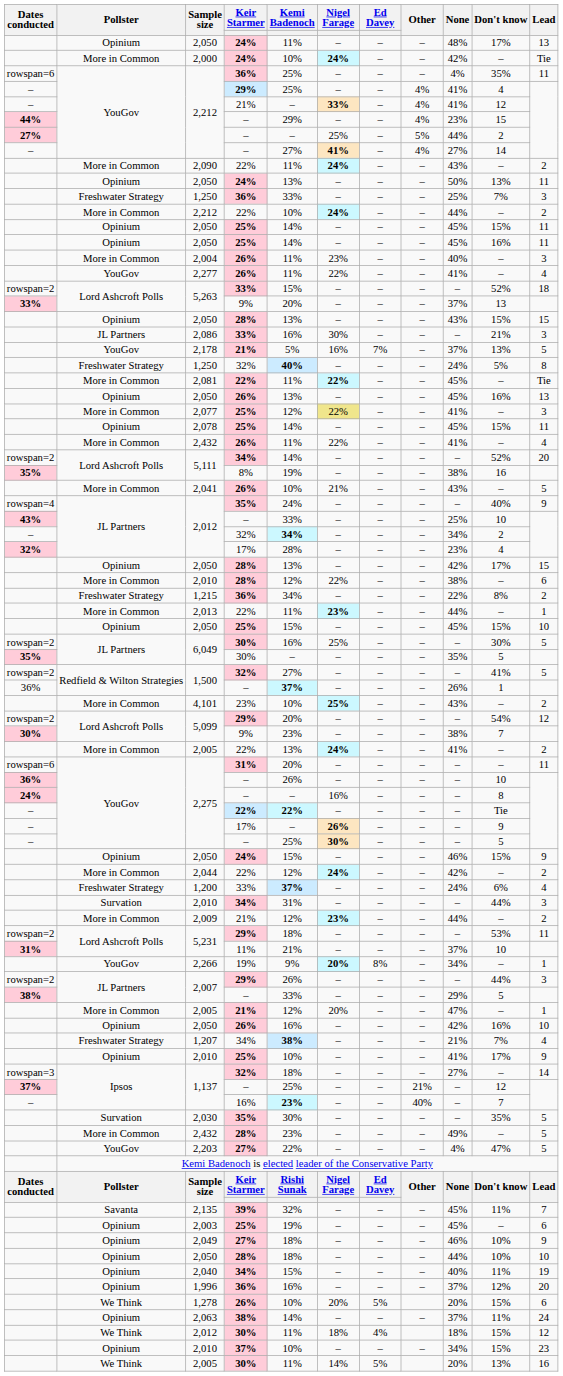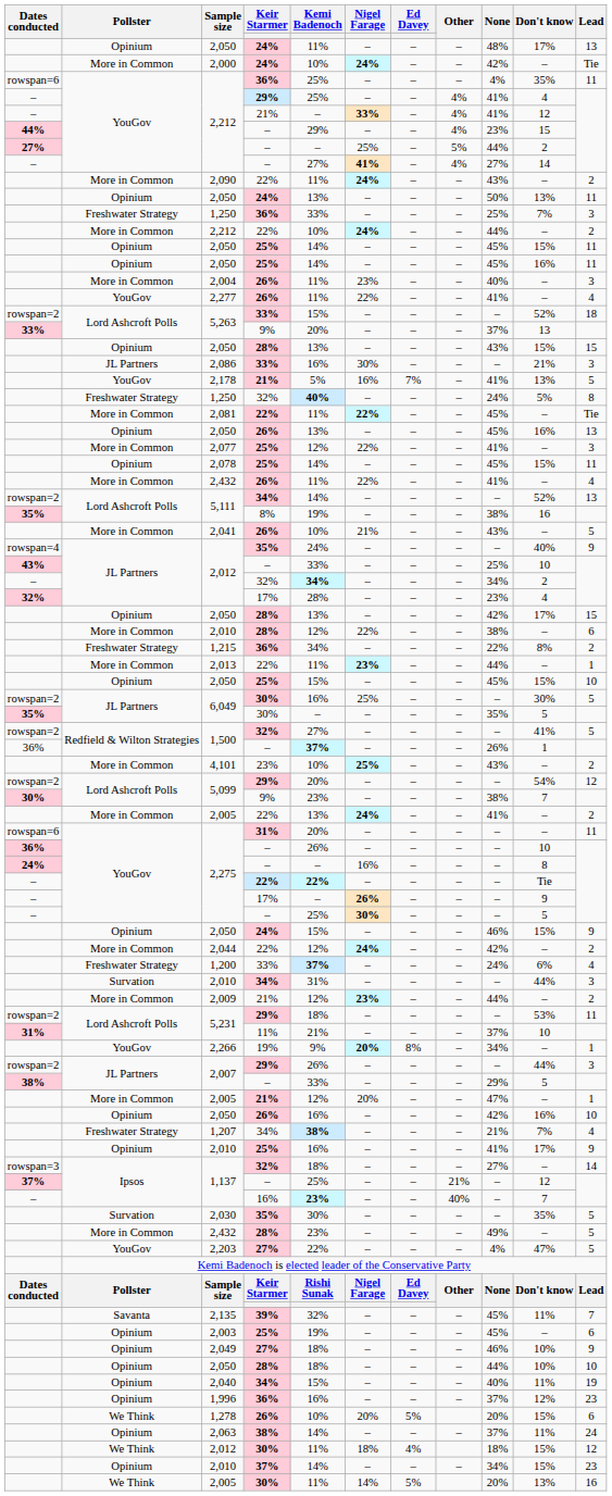 <table class="wikitable mw-datatable" style="text-align:center; font-size:90%; line-height:14px;">
 <tr>
 <th rowspan="2">Dates<br>conducted</th>
 <th rowspan="2">Pollster</th>
 <th rowspan="2" data-sort-type="number">Sample<br>size</th>
 <th class="unsortable" style="width:50px;"><a href='#'>Keir Starmer</a></th>
 <th class="unsortable" style="width:50px;"><a href='#'>Kemi Badenoch</a></th>
 <th class="unsortable" style="width:50px;"><a href='#'>Nigel Farage</a></th>
 <th class="unsortable" style="width:50px;"><a href='#'>Ed Davey</a></th>
 <th rowspan="2" class="unsortable" style="width:50px;">Other</th>
 <th rowspan="2" data-sort-type="number">None</th>
 <th rowspan="2">Don't know</th>
 <th rowspan="2" data-sort-type="number">Lead</th>
 </tr>
 <tr>
 <th data-sort-type="number" style="background:"></th>
 <th data-sort-type="number" style="background:"></th>
 <th data-sort-type="number" style="background:"></th>
 <th data-sort-type="number" style="background:"></th>
 </tr>
 <tr>
 <td></td>
 <td>Opinium</td>
 <td>2,050</td>
 <td style="background:#ffccd9; color: black;"><strong>24%</strong></td>
 <td>11%</td>
 <td>–</td>
 <td>–</td>
 <td>–</td>
 <td>48%</td>
 <td>17%</td>
 <td style="background:">13</td>
 </tr>
 <tr>
 <td></td>
 <td>More in Common</td>
 <td>2,000</td>
 <td style="background:#ffccd9; color: black;"><strong>24%</strong></td>
 <td>10%</td>
 <td style="background:#ccf8ff; color:black;"><strong>24%</strong></td>
 <td>–</td>
 <td>–</td>
 <td>42%</td>
 <td>–</td>
 <td>Tie</td>
 </tr>
 <tr>
 <td>rowspan=6 </td>
 <td rowspan=6>YouGov</td>
 <td rowspan=6>2,212</td>
 <td style="background:#ffccd9; color: black;"><strong>36%</strong></td>
 <td>25%</td>
 <td>–</td>
 <td>–</td>
 <td>–</td>
 <td>4%</td>
 <td>35%</td>
 <td style="background:">11</td>
 </tr>
 <tr>
 <td>–</td>
 <td style="background:#CCEBFF; color: black;"><strong>29%</strong></td>
 <td>25%</td>
 <td>–</td>
 <td>–</td>
 <td>4%</td>
 <td>41%</td>
 <td style="background:">4</td>
 </tr>
 <tr>
 <td>–</td>
 <td>21%</td>
 <td>–</td>
 <td style="background:#FDE6C1;"><strong>33%</strong></td>
 <td>–</td>
 <td>4%</td>
 <td>41%</td>
 <td style="background:">12</td>
 </tr>
 <tr>
 <td style="background:#ffccd9; color: black;"><strong>44%</strong></td>
 <td>–</td>
 <td>29%</td>
 <td>–</td>
 <td>–</td>
 <td>4%</td>
 <td>23%</td>
 <td style="background:">15</td>
 </tr>
 <tr>
 <td style="background:#ffccd9; color: black;"><strong>27%</strong></td>
 <td>–</td>
 <td>–</td>
 <td>25%</td>
 <td>–</td>
 <td>5%</td>
 <td>44%</td>
 <td style="background:">2</td>
 </tr>
 <tr>
 <td>–</td>
 <td>–</td>
 <td>27%</td>
 <td style="background:#FDE6C1;"><strong>41%</strong></td>
 <td>–</td>
 <td>4%</td>
 <td>27%</td>
 <td style="background:">14</td>
 </tr>
 <tr>
 <td></td>
 <td>More in Common</td>
 <td>2,090</td>
 <td>22%</td>
 <td>11%</td>
 <td style="background:#ccf8ff; color:black;"><strong>24%</strong></td>
 <td>–</td>
 <td>–</td>
 <td>43%</td>
 <td>–</td>
 <td style="background:">2</td>
 </tr>
 <tr>
 <td></td>
 <td>Opinium</td>
 <td>2,050</td>
 <td style="background:#ffccd9; color: black;"><strong>24%</strong></td>
 <td>13%</td>
 <td>–</td>
 <td>–</td>
 <td>–</td>
 <td>50%</td>
 <td>13%</td>
 <td style="background:">11</td>
 </tr>
 <tr>
 <td></td>
 <td>Freshwater Strategy</td>
 <td>1,250</td>
 <td style="background:#ffccd9; color: black;"><strong>36%</strong></td>
 <td>33%</td>
 <td>–</td>
 <td>–</td>
 <td>–</td>
 <td>25%</td>
 <td>7%</td>
 <td style="background:">3</td>
 </tr>
 <tr>
 <td></td>
 <td>More in Common</td>
 <td>2,212</td>
 <td>22%</td>
 <td>10%</td>
 <td style="background:#ccf8ff; color:black;"><strong>24%</strong></td>
 <td>–</td>
 <td>–</td>
 <td>44%</td>
 <td>–</td>
 <td style="background:">2</td>
 </tr>
 <tr>
 <td></td>
 <td>Opinium</td>
 <td>2,050</td>
 <td style="background:#ffccd9; color: black;"><strong>25%</strong></td>
 <td>14%</td>
 <td>–</td>
 <td>–</td>
 <td>–</td>
 <td>45%</td>
 <td>15%</td>
 <td style="background:">11</td>
 </tr>
 <tr>
 <td></td>
 <td>Opinium</td>
 <td>2,050</td>
 <td style="background:#ffccd9; color: black;"><strong>25%</strong></td>
 <td>14%</td>
 <td>–</td>
 <td>–</td>
 <td>–</td>
 <td>45%</td>
 <td>16%</td>
 <td style="background:">11</td>
 </tr>
 <tr>
 <td></td>
 <td>More in Common</td>
 <td>2,004</td>
 <td style="background:#ffccd9; color: black;"><strong>26%</strong></td>
 <td>11%</td>
 <td>23%</td>
 <td>–</td>
 <td>–</td>
 <td>40%</td>
 <td>–</td>
 <td style="background:">3</td>
 </tr>
 <tr>
 <td></td>
 <td>YouGov</td>
 <td>2,277</td>
 <td style="background:#ffccd9; color: black;"><strong>26%</strong></td>
 <td>11%</td>
 <td>22%</td>
 <td>–</td>
 <td>–</td>
 <td>41%</td>
 <td>–</td>
 <td style="background:">4</td>
 </tr>
 <tr>
 <td>rowspan=2 </td>
 <td rowspan=2>Lord Ashcroft Polls</td>
 <td rowspan=2>5,263</td>
 <td style="background:#ffccd9; color: black;"><strong>33%</strong></td>
 <td>15%</td>
 <td>–</td>
 <td>–</td>
 <td>–</td>
 <td>–</td>
 <td>52%</td>
 <td style="background:">18</td>
 </tr>
 <tr>
 <td style="background:#ffccd9; color: black;"><strong>33%</strong></td>
 <td>9%</td>
 <td>20%</td>
 <td>–</td>
 <td>–</td>
 <td>–</td>
 <td>37%</td>
 <td style="background:">13</td>
 </tr>
 <tr>
 <td></td>
 <td>Opinium</td>
 <td>2,050</td>
 <td style="background:#ffccd9; color: black;"><strong>28%</strong></td>
 <td>13%</td>
 <td>–</td>
 <td>–</td>
 <td>–</td>
 <td>43%</td>
 <td>15%</td>
 <td style="background:">15</td>
 </tr>
 <tr>
 <td></td>
 <td>JL Partners</td>
 <td>2,086</td>
 <td style="background:#ffccd9; color: black;"><strong>33%</strong></td>
 <td>16%</td>
 <td>30%</td>
 <td>–</td>
 <td>–</td>
 <td>–</td>
 <td>21%</td>
 <td style="background:">3</td>
 </tr>
 <tr>
 <td></td>
 <td>YouGov</td>
 <td>2,178</td>
 <td style="background:#ffccd9; color: black;"><strong>21%</strong></td>
 <td>5%</td>
 <td>16%</td>
 <td>7%</td>
 <td>–</td>
-<td>37%</td>
+<td>41%</td>
 <td>13%</td>
 <td style="background:">5</td>
 </tr>
 <tr>
 <td></td>
 <td>Freshwater Strategy</td>
 <td>1,250</td>
 <td>32%</td>
 <td style="background:#CCEBFF; color: black;"><strong>40%</strong></td>
 <td>–</td>
 <td>–</td>
 <td>–</td>
 <td>24%</td>
 <td>5%</td>
 <td style="background:">8</td>
 </tr>
 <tr>
 <td></td>
 <td>More in Common</td>
 <td>2,081</td>
 <td style="background:#ffccd9; color: black;"><strong>22%</strong></td>
 <td>11%</td>
 <td style="background:#ccf8ff; color:black;"><strong>22%</strong></td>
 <td>–</td>
 <td>–</td>
 <td>45%</td>
 <td>–</td>
 <td>Tie</td>
 </tr>
 <tr>
 <td></td>
 <td>Opinium</td>
 <td>2,050</td>
 <td style="background:#ffccd9; color: black;"><strong>26%</strong></td>
 <td>13%</td>
 <td>–</td>
 <td>–</td>
 <td>–</td>
 <td>45%</td>
 <td>16%</td>
 <td style="background:">13</td>
 </tr>
 <tr>
 <td></td>
 <td>More in Common</td>
 <td>2,077</td>
 <td style="background:#ffccd9; color: black;"><strong>25%</strong></td>
 <td>12%</td>
-<td style="background: khaki;">22%</td>
+<td>22%</td>
 <td>–</td>
 <td>–</td>
 <td>41%</td>
 <td>–</td>
 <td style="background:">3</td>
 </tr>
 <tr>
 <td></td>
 <td>Opinium</td>
 <td>2,078</td>
 <td style="background:#ffccd9; color: black;"><strong>25%</strong></td>
 <td>14%</td>
 <td>–</td>
 <td>–</td>
 <td>–</td>
 <td>45%</td>
 <td>15%</td>
 <td style="background:">11</td>
 </tr>
 <tr>
 <td></td>
 <td>More in Common</td>
 <td>2,432</td>
 <td style="background:#ffccd9; color: black;"><strong>26%</strong></td>
 <td>11%</td>
 <td>22%</td>
 <td>–</td>
 <td>–</td>
 <td>41%</td>
 <td>–</td>
 <td style="background:">4</td>
 </tr>
 <tr>
 <td>rowspan=2 </td>
 <td rowspan=2>Lord Ashcroft Polls</td>
 <td rowspan=2>5,111</td>
 <td style="background:#ffccd9; color: black;"><strong>34%</strong></td>
 <td>14%</td>
 <td>–</td>
 <td>–</td>
 <td>–</td>
 <td>–</td>
 <td>52%</td>
-<td style="background:">20</td>
+<td style="background:">13</td>
 </tr>
 <tr>
 <td style="background:#ffccd9; color: black;"><strong>35%</strong></td>
 <td>8%</td>
 <td>19%</td>
 <td>–</td>
 <td>–</td>
 <td>–</td>
 <td>38%</td>
 <td style="background:">16</td>
 </tr>
 <tr>
 <td></td>
 <td>More in Common</td>
 <td>2,041</td>
 <td style="background:#ffccd9; color: black;"><strong>26%</strong></td>
 <td>10%</td>
 <td>21%</td>
 <td>–</td>
 <td>–</td>
 <td>43%</td>
 <td>–</td>
 <td style="background:">5</td>
 </tr>
 <tr>
 <td>rowspan=4 </td>
 <td rowspan=4>JL Partners</td>
 <td rowspan=4>2,012</td>
 <td style="background:#ffccd9; color: black;"><strong>35%</strong></td>
 <td>24%</td>
 <td>–</td>
 <td>–</td>
 <td>–</td>
 <td>–</td>
 <td>40%</td>
 <td style="background:">9</td>
 </tr>
 <tr>
 <td style="background:#ffccd9; color: black;"><strong>43%</strong></td>
 <td>–</td>
 <td>33%</td>
 <td>–</td>
 <td>–</td>
 <td>–</td>
 <td>25%</td>
 <td style="background:">10</td>
 </tr>
 <tr>
 <td>–</td>
 <td>32%</td>
 <td style="background:#ccf8ff; color:black;"><strong>34%</strong></td>
 <td>–</td>
 <td>–</td>
 <td>–</td>
 <td>34%</td>
 <td style="background:">2</td>
 </tr>
 <tr>
 <td style="background:#ffccd9; color: black;"><strong>32%</strong></td>
 <td>17%</td>
 <td>28%</td>
 <td>–</td>
 <td>–</td>
 <td>–</td>
 <td>23%</td>
 <td style="background:">4</td>
 </tr>
 <tr>
 <td></td>
 <td>Opinium</td>
 <td>2,050</td>
 <td style="background:#ffccd9; color: black;"><strong>28%</strong></td>
 <td>13%</td>
 <td>–</td>
 <td>–</td>
 <td>–</td>
 <td>42%</td>
 <td>17%</td>
 <td style="background:">15</td>
 </tr>
 <tr>
 <td></td>
 <td>More in Common</td>
 <td>2,010</td>
 <td style="background:#ffccd9; color: black;"><strong>28%</strong></td>
 <td>12%</td>
 <td>22%</td>
 <td>–</td>
 <td>–</td>
 <td>38%</td>
 <td>–</td>
 <td style="background:">6</td>
 </tr>
 <tr>
 <td></td>
 <td>Freshwater Strategy</td>
 <td>1,215</td>
 <td style="background:#ffccd9; color: black;"><strong>36%</strong></td>
 <td>34%</td>
 <td>–</td>
 <td>–</td>
 <td>–</td>
 <td>22%</td>
 <td>8%</td>
 <td style="background:">2</td>
 </tr>
 <tr>
 <td></td>
 <td>More in Common</td>
 <td>2,013</td>
 <td>22%</td>
 <td>11%</td>
 <td style="background:#ccf8ff; color:black;"><strong>23%</strong></td>
 <td>–</td>
 <td>–</td>
 <td>44%</td>
 <td>–</td>
 <td style="background:">1</td>
 </tr>
 <tr>
 <td></td>
 <td>Opinium</td>
 <td>2,050</td>
 <td style="background:#ffccd9; color: black;"><strong>25%</strong></td>
 <td>15%</td>
 <td>–</td>
 <td>–</td>
 <td>–</td>
 <td>45%</td>
 <td>15%</td>
 <td style="background:">10</td>
 </tr>
 <tr>
 <td>rowspan=2 </td>
 <td rowspan=2>JL Partners</td>
 <td rowspan=2>6,049</td>
 <td style="background:#ffccd9; color: black;"><strong>30%</strong></td>
 <td>16%</td>
 <td>25%</td>
 <td>–</td>
 <td>–</td>
 <td>–</td>
 <td>30%</td>
 <td style="background:">5</td>
 </tr>
 <tr>
 <td style="background:#ffccd9; color: black;"><strong>35%</strong></td>
 <td>30%</td>
 <td>–</td>
 <td>–</td>
 <td>–</td>
 <td>–</td>
 <td>35%</td>
 <td style="background:">5</td>
 </tr>
 <tr>
 <td>rowspan=2 </td>
 <td rowspan=2>Redfield & Wilton Strategies</td>
 <td rowspan=2>1,500</td>
 <td style="background:#ffccd9; color: black;"><strong>32%</strong></td>
 <td>27%</td>
 <td>–</td>
 <td>–</td>
 <td>–</td>
 <td>–</td>
 <td>41%</td>
 <td style="background:">5</td>
 </tr>
 <tr>
 <td>36%</td>
 <td>–</td>
 <td style="background:#ccf8ff; color:black;"><strong>37%</strong></td>
 <td>–</td>
 <td>–</td>
 <td>–</td>
 <td>26%</td>
 <td style="background:">1</td>
 </tr>
 <tr>
 <td></td>
 <td>More in Common</td>
 <td>4,101</td>
 <td>23%</td>
 <td>10%</td>
 <td style="background:#ccf8ff; color:black;"><strong>25%</strong></td>
 <td>–</td>
 <td>–</td>
 <td>43%</td>
 <td>–</td>
 <td style="background:">2</td>
 </tr>
 <tr>
 <td>rowspan=2 </td>
 <td rowspan=2>Lord Ashcroft Polls</td>
 <td rowspan=2>5,099</td>
 <td style="background:#ffccd9; color: black;"><strong>29%</strong></td>
 <td>20%</td>
 <td>–</td>
 <td>–</td>
 <td>–</td>
 <td>–</td>
 <td>54%</td>
 <td style="background:">12</td>
 </tr>
 <tr>
 <td style="background:#ffccd9; color: black;"><strong>30%</strong></td>
 <td>9%</td>
 <td>23%</td>
 <td>–</td>
 <td>–</td>
 <td>–</td>
 <td>38%</td>
 <td style="background:">7</td>
 </tr>
 <tr>
 <td></td>
 <td>More in Common</td>
 <td>2,005</td>
 <td>22%</td>
 <td>13%</td>
 <td style="background:#ccf8ff; color:black;"><strong>24%</strong></td>
 <td>–</td>
 <td>–</td>
 <td>41%</td>
 <td>–</td>
 <td style="background:">2</td>
 </tr>
 <tr>
 <td>rowspan=6 </td>
 <td rowspan=6>YouGov</td>
 <td rowspan=6>2,275</td>
 <td style="background:#ffccd9; color: black;"><strong>31%</strong></td>
 <td>20%</td>
 <td>–</td>
 <td>–</td>
 <td>–</td>
 <td>–</td>
 <td>–</td>
 <td style="background:">11</td>
 </tr>
 <tr>
 <td style="background:#ffccd9; color: black;"><strong>36%</strong></td>
 <td>–</td>
 <td>26%</td>
 <td>–</td>
 <td>–</td>
 <td>–</td>
 <td>–</td>
 <td style="background:">10</td>
 </tr>
 <tr>
 <td style="background:#ffccd9; color: black;"><strong>24%</strong></td>
 <td>–</td>
 <td>–</td>
 <td>16%</td>
 <td>–</td>
 <td>–</td>
 <td>–</td>
 <td style="background:">8</td>
 </tr>
 <tr>
 <td>–</td>
 <td style="background:#CCEBFF; color: black;"><strong>22%</strong></td>
 <td style="background:#ccf8ff; color:black;"><strong>22%</strong></td>
 <td>–</td>
 <td>–</td>
 <td>–</td>
 <td>–</td>
 <td>Tie</td>
 </tr>
 <tr>
 <td>–</td>
 <td>17%</td>
 <td>–</td>
 <td style="background:#FDE6C1;"><strong>26%</strong></td>
 <td>–</td>
 <td>–</td>
 <td>–</td>
 <td style="background:">9</td>
 </tr>
 <tr>
 <td>–</td>
 <td>–</td>
 <td>25%</td>
 <td style="background:#FDE6C1;"><strong>30%</strong></td>
 <td>–</td>
 <td>–</td>
 <td>–</td>
 <td style="background:">5</td>
 </tr>
 <tr>
 <td></td>
 <td>Opinium</td>
 <td>2,050</td>
 <td style="background:#ffccd9; color: black;"><strong>24%</strong></td>
 <td>15%</td>
 <td>–</td>
 <td>–</td>
 <td>–</td>
 <td>46%</td>
 <td>15%</td>
 <td style="background:">9</td>
 </tr>
 <tr>
 <td></td>
 <td>More in Common</td>
 <td>2,044</td>
 <td>22%</td>
 <td>12%</td>
 <td style="background:#ccf8ff; color:black;"><strong>24%</strong></td>
 <td>–</td>
 <td>–</td>
 <td>42%</td>
 <td>–</td>
 <td style="background:">2</td>
 </tr>
 <tr>
 <td></td>
 <td>Freshwater Strategy</td>
 <td>1,200</td>
 <td>33%</td>
 <td style="background:#CCEBFF; color: black;"><strong>37%</strong></td>
 <td>–</td>
 <td>–</td>
 <td>–</td>
 <td>24%</td>
 <td>6%</td>
 <td style="background:">4</td>
 </tr>
 <tr>
 <td></td>
 <td>Survation</td>
 <td>2,010</td>
 <td style="background:#ffccd9; color: black;"><strong>34%</strong></td>
 <td>31%</td>
 <td>–</td>
 <td>–</td>
 <td>–</td>
 <td>–</td>
 <td>44%</td>
 <td style="background:">3</td>
 </tr>
 <tr>
 <td></td>
 <td>More in Common</td>
 <td>2,009</td>
 <td>21%</td>
 <td>12%</td>
 <td style="background:#ccf8ff; color:black;"><strong>23%</strong></td>
 <td>–</td>
 <td>–</td>
 <td>44%</td>
 <td>–</td>
 <td style="background:">2</td>
 </tr>
 <tr>
 <td>rowspan=2 </td>
 <td rowspan=2>Lord Ashcroft Polls</td>
 <td rowspan=2>5,231</td>
 <td style="background:#ffccd9; color: black;"><strong>29%</strong></td>
 <td>18%</td>
 <td>–</td>
 <td>–</td>
 <td>–</td>
 <td>–</td>
 <td>53%</td>
 <td style="background:">11</td>
 </tr>
 <tr>
 <td style="background:#ffccd9; color: black;"><strong>31%</strong></td>
 <td>11%</td>
 <td>21%</td>
 <td>–</td>
 <td>–</td>
 <td>–</td>
 <td>37%</td>
 <td style="background:">10</td>
 </tr>
 <tr>
 <td></td>
 <td>YouGov</td>
 <td>2,266</td>
 <td>19%</td>
 <td>9%</td>
 <td style="background:#ccf8ff; color:black;"><strong>20%</strong></td>
 <td>8%</td>
 <td>–</td>
 <td>34%</td>
 <td>–</td>
 <td style="background:">1</td>
 </tr>
 <tr>
 <td>rowspan=2 </td>
 <td rowspan=2>JL Partners</td>
 <td rowspan=2>2,007</td>
 <td style="background:#ffccd9; color: black;"><strong>29%</strong></td>
 <td>26%</td>
 <td>–</td>
 <td>–</td>
 <td>–</td>
 <td>–</td>
 <td>44%</td>
 <td style="background:">3</td>
 </tr>
 <tr>
 <td style="background:#ffccd9; color: black;"><strong>38%</strong></td>
 <td>–</td>
 <td>33%</td>
 <td>–</td>
 <td>–</td>
 <td>–</td>
 <td>29%</td>
 <td style="background:">5</td>
 </tr>
 <tr>
 <td></td>
 <td>More in Common</td>
 <td>2,005</td>
 <td style="background:#ffccd9; color:black;"><strong>21%</strong></td>
 <td>12%</td>
 <td>20%</td>
 <td>–</td>
 <td>–</td>
 <td>47%</td>
 <td>–</td>
 <td style="background:">1</td>
 </tr>
 <tr>
 <td></td>
 <td>Opinium</td>
 <td>2,050</td>
 <td style="background:#ffccd9; color:black;"><strong>26%</strong></td>
 <td>16%</td>
 <td>–</td>
 <td>–</td>
 <td>–</td>
 <td>42%</td>
 <td>16%</td>
 <td style="background:">10</td>
 </tr>
 <tr>
 <td></td>
 <td>Freshwater Strategy</td>
 <td>1,207</td>
 <td>34%</td>
 <td style="background:#CCEBFF; color: black;"><strong>38%</strong></td>
 <td>–</td>
 <td>–</td>
 <td>–</td>
 <td>21%</td>
 <td>7%</td>
 <td style="background:">4</td>
 </tr>
 <tr>
 <td></td>
 <td>Opinium</td>
 <td>2,010</td>
 <td style="background:#ffccd9; color:black;"><strong>25%</strong></td>
-<td>10%</td>
+<td>16%</td>
 <td>–</td>
 <td>–</td>
 <td>–</td>
 <td>41%</td>
 <td>17%</td>
 <td style="background:">9</td>
 </tr>
 <tr>
 <td>rowspan=3 </td>
 <td rowspan=3>Ipsos</td>
 <td rowspan=3>1,137</td>
 <td style="background:#ffccd9; color:black;"><strong>32%</strong></td>
 <td>18%</td>
 <td>–</td>
 <td>–</td>
 <td>–</td>
 <td>27%</td>
 <td>–</td>
 <td style="background:">14</td>
 </tr>
 <tr>
 <td style="background:#ffccd9; color:black;"><strong>37%</strong></td>
 <td>–</td>
 <td>25%</td>
 <td>–</td>
 <td>–</td>
 <td>21%</td>
 <td>–</td>
 <td style="background:">12</td>
 </tr>
 <tr>
 <td>–</td>
 <td>16%</td>
 <td style="background:#ccf8ff; color:black;"><strong>23%</strong></td>
 <td>–</td>
 <td>–</td>
 <td>40%</td>
 <td>–</td>
 <td style="background:">7</td>
 </tr>
 <tr>
 <td></td>
 <td>Survation</td>
 <td>2,030</td>
 <td style="background:#ffccd9; color:black;"><strong>35%</strong></td>
 <td>30%</td>
 <td>–</td>
 <td>–</td>
 <td>–</td>
 <td>–</td>
 <td>35%</td>
 <td style="background:">5</td>
 </tr>
 <tr>
 <td></td>
 <td>More in Common</td>
 <td>2,432</td>
 <td style="background:#ffccd9; color:black;"><strong>28%</strong></td>
 <td>23%</td>
 <td>–</td>
 <td>–</td>
 <td>–</td>
 <td>49%</td>
 <td>–</td>
 <td style="background:">5</td>
 </tr>
 <tr>
 <td></td>
 <td>YouGov</td>
 <td>2,203</td>
 <td style="background:#ffccd9; color:black;"><strong>27%</strong></td>
 <td>22%</td>
 <td>–</td>
 <td>–</td>
 <td>–</td>
 <td>4%</td>
 <td>47%</td>
 <td style="background:">5</td>
 </tr>
 <tr>
 <td></td>
 <td colspan="11"><a href='#'>Kemi Badenoch</a> is <a href='#'>elected</a> <a href='#'>leader of the Conservative Party</a></td>
 </tr>
 <tr>
 <th rowspan="2">Dates<br>conducted</th>
 <th rowspan="2">Pollster</th>
 <th rowspan="2" data-sort-type="number">Sample<br>size</th>
 <th class="unsortable" style="width:50px;"><a href='#'>Keir Starmer</a></th>
 <th class="unsortable" style="width:50px;"><a href='#'>Rishi Sunak</a></th>
 <th class="unsortable" style="width:50px;"><a href='#'>Nigel Farage</a></th>
 <th class="unsortable" style="width:50px;"><a href='#'>Ed Davey</a></th>
 <th rowspan="2" data-sort-type="number">Other</th>
 <th rowspan="2" data-sort-type="number">None</th>
 <th rowspan="2">Don't know</th>
 <th rowspan="2" data-sort-type="number">Lead</th>
 </tr>
 <tr>
 <th data-sort-type="number" style="background:"></th>
 <th data-sort-type="number" style="background:"></th>
 <th data-sort-type="number" style="background:"></th>
 <th data-sort-type="number" style="background:"></th>
 </tr>
 <tr>
 <td></td>
 <td>Savanta</td>
 <td>2,135</td>
 <td style="background:#ffccd9; color:black;"><strong>39%</strong></td>
 <td>32%</td>
 <td>–</td>
 <td>–</td>
 <td>–</td>
 <td>45%</td>
 <td>11%</td>
 <td style="background:">7</td>
 </tr>
 <tr>
 <td></td>
 <td>Opinium</td>
 <td>2,003</td>
 <td style="background:#ffccd9; color:black;"><strong>25%</strong></td>
 <td>19%</td>
 <td>–</td>
 <td>–</td>
 <td>–</td>
 <td>45%</td>
 <td>–</td>
 <td style="background:">6</td>
 </tr>
 <tr>
 <td></td>
 <td>Opinium</td>
 <td>2,049</td>
 <td style="background:#ffccd9; color:black;"><strong>27%</strong></td>
 <td>18%</td>
 <td>–</td>
 <td>–</td>
 <td>–</td>
 <td>46%</td>
 <td>10%</td>
 <td style="background:">9</td>
 </tr>
 <tr>
 <td></td>
 <td>Opinium</td>
 <td>2,050</td>
 <td style="background:#ffccd9; color:black;"><strong>28%</strong></td>
 <td>18%</td>
 <td>–</td>
 <td>–</td>
 <td>–</td>
 <td>44%</td>
 <td>10%</td>
 <td style="background:">10</td>
 </tr>
 <tr>
 <td></td>
 <td>Opinium</td>
 <td>2,040</td>
 <td style="background:#ffccd9; color:black;"><strong>34%</strong></td>
 <td>15%</td>
 <td>–</td>
 <td>–</td>
 <td>–</td>
 <td>40%</td>
 <td>11%</td>
 <td style="background:">19</td>
 </tr>
 <tr>
 <td></td>
 <td>Opinium</td>
 <td>1,996</td>
 <td style="background:#ffccd9; color:black;"><strong>36%</strong></td>
 <td>16%</td>
 <td>–</td>
 <td>–</td>
 <td>–</td>
 <td>37%</td>
 <td>12%</td>
-<td style="background:">20</td>
+<td style="background:">23</td>
 </tr>
 <tr>
 <td></td>
 <td>We Think</td>
 <td>1,278</td>
 <td style="background:#ffccd9; color:black;"><strong>26%</strong></td>
 <td>10%</td>
 <td>20%</td>
 <td>5%</td>
 <td></td>
 <td>20%</td>
 <td>15%</td>
 <td style="background:">6</td>
 </tr>
 <tr>
 <td></td>
 <td>Opinium</td>
 <td>2,063</td>
 <td style="background:#ffccd9; color:black;"><strong>38%</strong></td>
 <td>14%</td>
 <td>–</td>
 <td>–</td>
 <td>–</td>
 <td>37%</td>
 <td>11%</td>
 <td style="background:">24</td>
 </tr>
 <tr>
 <td></td>
 <td>We Think</td>
 <td>2,012</td>
 <td style="background:#ffccd9; color:black;"><strong>30%</strong></td>
 <td>11%</td>
 <td>18%</td>
 <td>4%</td>
 <td></td>
 <td>18%</td>
 <td>15%</td>
 <td style="background:">12</td>
 </tr>
 <tr>
 <td></td>
 <td>Opinium</td>
 <td>2,010</td>
 <td style="background:#ffccd9; color:black;"><strong>37%</strong></td>
-<td>10%</td>
+<td>14%</td>
 <td>–</td>
 <td>–</td>
 <td>–</td>
 <td>34%</td>
 <td>15%</td>
 <td style="background:">23</td>
 </tr>
 <tr>
 <td></td>
 <td>We Think</td>
 <td>2,005</td>
 <td style="background:#ffccd9; color:black;"><strong>30%</strong></td>
 <td>11%</td>
 <td>14%</td>
 <td>5%</td>
 <td></td>
 <td>20%</td>
 <td>13%</td>
 <td style="background:">16</td>
 </tr>
 </table>
